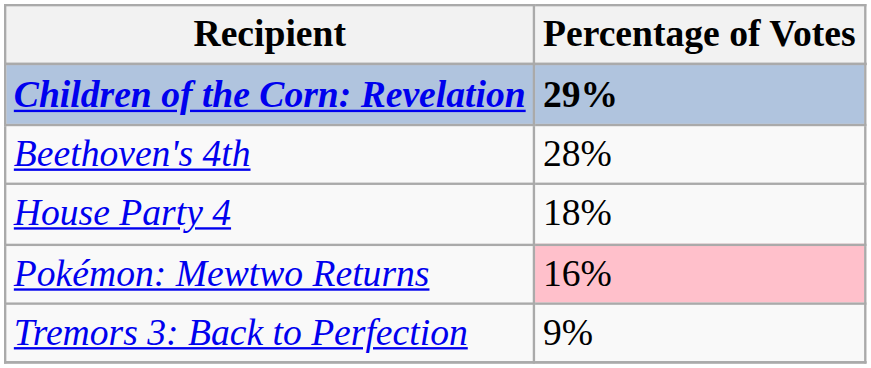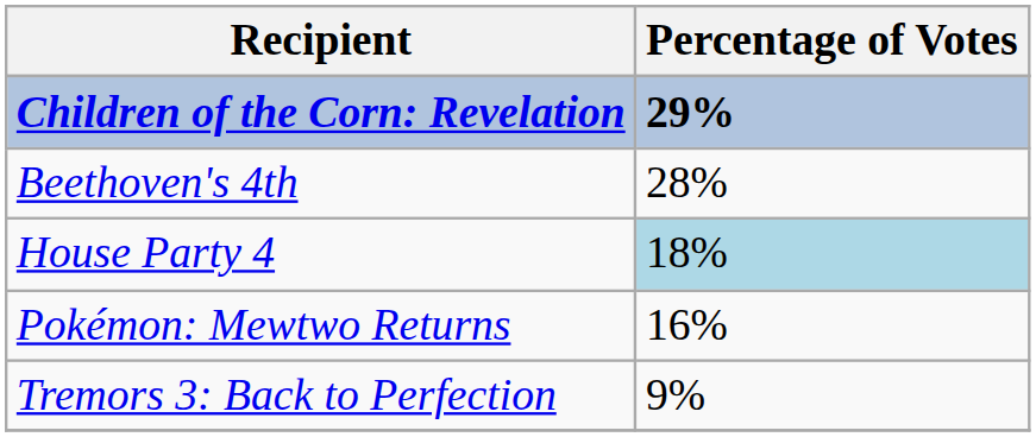 <table class="wikitable sortable plainrowheaders" align="centre">
 <tr>
 <th>Recipient</th>
 <th>Percentage of Votes</th>
 </tr>
 <tr>
 </tr>
 <tr style="background:#B0C4DE;">
 <td><strong><em><a href='#'>Children of the Corn: Revelation</a></em></strong></td>
 <td><strong>29%</strong></td>
 </tr>
 <tr>
 <td><em><a href='#'>Beethoven's 4th</a></em></td>
 <td>28%</td>
 </tr>
 <tr>
 <td><em><a href='#'>House Party 4</a></em></td>
-<td>18%</td>
+<td style="background: lightblue;">18%</td>
 </tr>
 <tr>
 <td><em><a href='#'>Pokémon: Mewtwo Returns</a></em></td>
-<td style="background: pink;">16%</td>
+<td>16%</td>
 </tr>
 <tr>
 <td><em><a href='#'>Tremors 3: Back to Perfection</a></em></td>
 <td>9%</td>
 </tr>
 <tr>
 </tr>
 </table>
